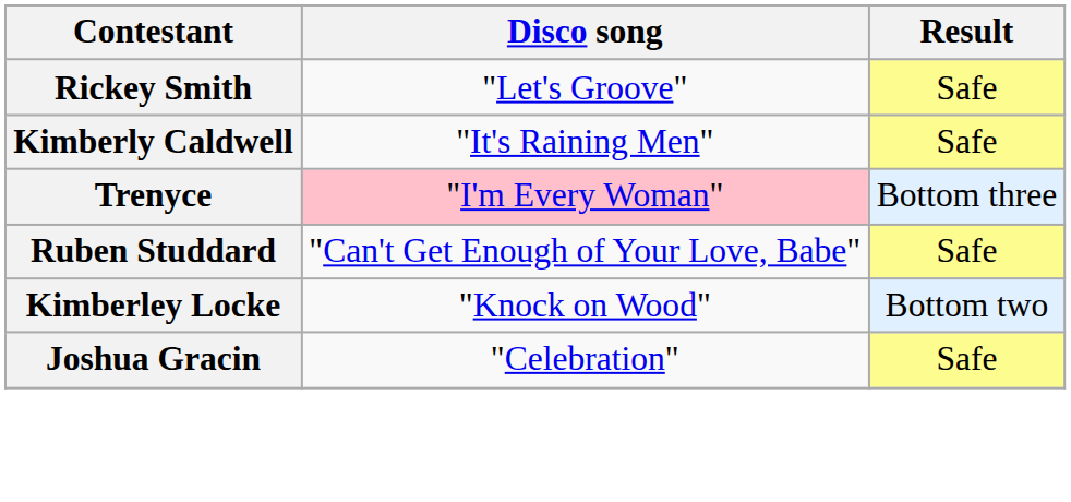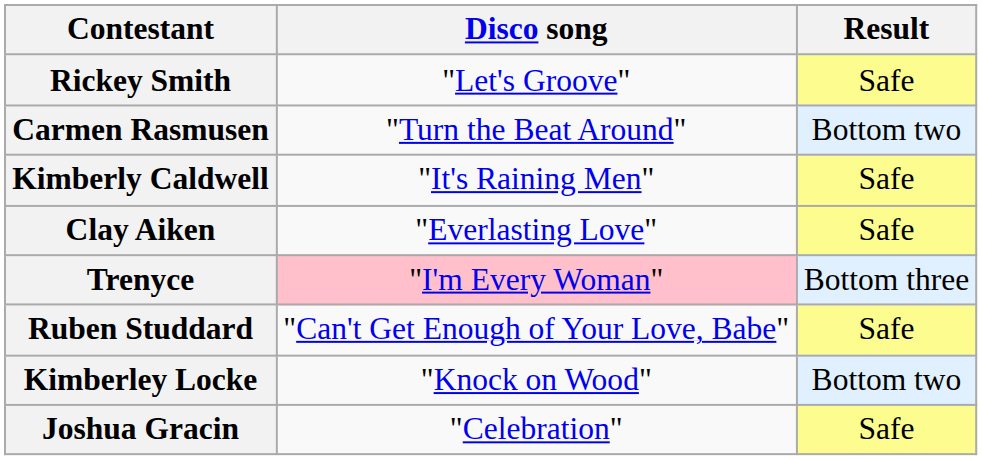 <table class="wikitable unsortable" style="text-align:center;">
 <tr>
 <th scope="col">Contestant</th>
 <th scope="col"><a href='#'>Disco</a> song</th>
 <th scope="col">Result</th>
 </tr>
 <tr>
 <th scope="row">Rickey Smith</th>
 <td>"<a href='#'>Let's Groove</a>"</td>
 <td style="background:#FDFC8F;">Safe</td>
 </tr>
 <tr>
+<th scope="row">Carmen Rasmusen</th>
+<td>"<a href='#'>Turn the Beat Around</a>"</td>
+<td style="background:#e0f0ff">Bottom two</td>
+</tr>
+<tr>
 <th scope="row">Kimberly Caldwell</th>
 <td>"<a href='#'>It's Raining Men</a>"</td>
+<td style="background:#FDFC8F;">Safe</td>
+</tr>
+<tr>
+<th scope="row">Clay Aiken</th>
+<td>"<a href='#'>Everlasting Love</a>"</td>
 <td style="background:#FDFC8F;">Safe</td>
 </tr>
 <tr>
 <th scope="row">Trenyce</th>
 <td style="background: pink;">"<a href='#'>I'm Every Woman</a>"</td>
 <td style="background:#e0f0ff">Bottom three</td>
 </tr>
 <tr>
 <th scope="row">Ruben Studdard</th>
 <td>"<a href='#'>Can't Get Enough of Your Love, Babe</a>"</td>
 <td style="background:#FDFC8F;">Safe</td>
 </tr>
 <tr>
 <th scope="row">Kimberley Locke</th>
 <td>"<a href='#'>Knock on Wood</a>"</td>
 <td style="background:#e0f0ff">Bottom two</td>
 </tr>
 <tr>
 <th scope="row">Joshua Gracin</th>
 <td>"<a href='#'>Celebration</a>"</td>
 <td style="background:#FDFC8F;">Safe</td>
 </tr>
 </table>
